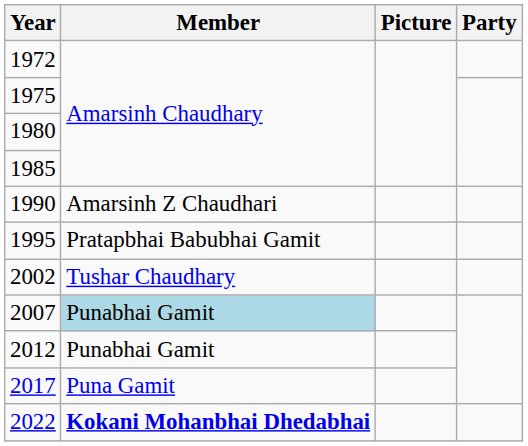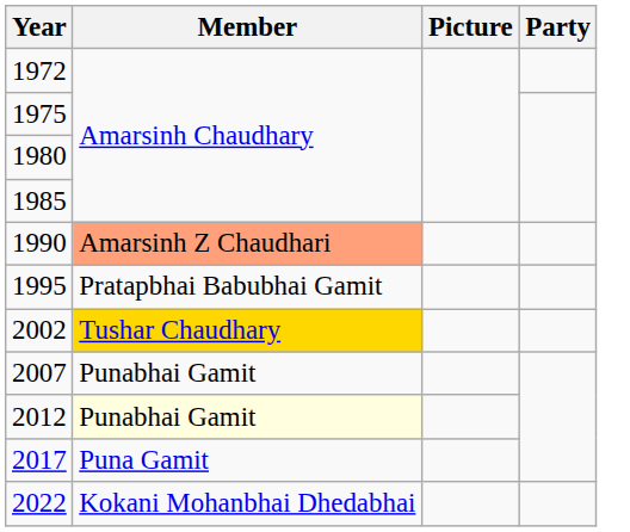 <table class="wikitable sortable">
 <tr>
 <th>Year</th>
 <th>Member</th>
 <th>Picture</th>
 <th colspan="2">Party</th>
 </tr>
 <tr>
 <td>1972</td>
 <td rowspan=4><a href='#'>Amarsinh Chaudhary</a></td>
 <td rowspan=4></td>
 <td></td>
 </tr>
 <tr>
 <td>1975</td>
 </tr>
 <tr>
 <td>1980</td>
 </tr>
 <tr>
 <td>1985</td>
 </tr>
 <tr>
 <td>1990</td>
-<td>Amarsinh Z Chaudhari</td>
+<td style="background: lightsalmon;">Amarsinh Z Chaudhari</td>
 <td></td>
 <td></td>
 </tr>
 <tr>
 <td>1995</td>
 <td>Pratapbhai Babubhai Gamit</td>
 <td></td>
 </tr>
 <tr>
 <td>2002</td>
-<td><a href='#'>Tushar Chaudhary</a></td>
+<td style="background: gold;"><a href='#'>Tushar Chaudhary</a></td>
 <td></td>
 <td></td>
 </tr>
 <tr>
 <td>2007</td>
-<td style="background: lightblue;">Punabhai Gamit</td>
+<td>Punabhai Gamit</td>
 <td></td>
 </tr>
 <tr>
 <td>2012</td>
-<td>Punabhai Gamit</td>
+<td style="background: lightyellow;">Punabhai Gamit</td>
 <td></td>
 </tr>
 <tr>
 <td><a href='#'>2017</a></td>
 <td><a href='#'>Puna Gamit</a></td>
 <td></td>
 </tr>
 <tr>
 <td><a href='#'>2022</a></td>
-<td><strong><a href='#'>Kokani Mohanbhai Dhedabhai</a></strong></td>
+<td><a href='#'>Kokani Mohanbhai Dhedabhai</a></td>
 <td></td>
 <td></td>
 </tr>
 </table>
